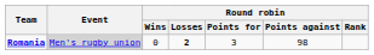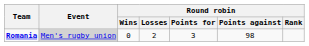 <table class=wikitable style="font-size:90%">
 <tr>
 <th rowspan=2>Team</th>
 <th rowspan=2>Event</th>
 <th colspan=5>Round robin</th>
 </tr>
 <tr>
 <th>Wins</th>
 <th>Losses</th>
 <th>Points for</th>
 <th>Points against</th>
 <th>Rank</th>
 </tr>
 <tr>
 <td><strong><a href='#'>Romania</a></strong></td>
 <td style="background: lightgrey;"><a href='#'>Men's rugby union</a></td>
 <td align=center>0</td>
-<td align=center><strong>2</strong></td>
+<td align=center>2</td>
 <td align=center>3</td>
 <td align=center>98</td>
 <td align=center></td>
 </tr>
 </table>
